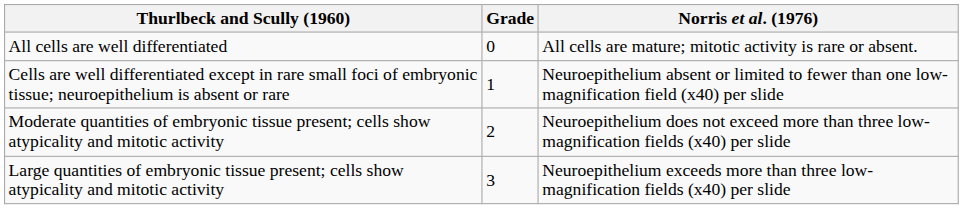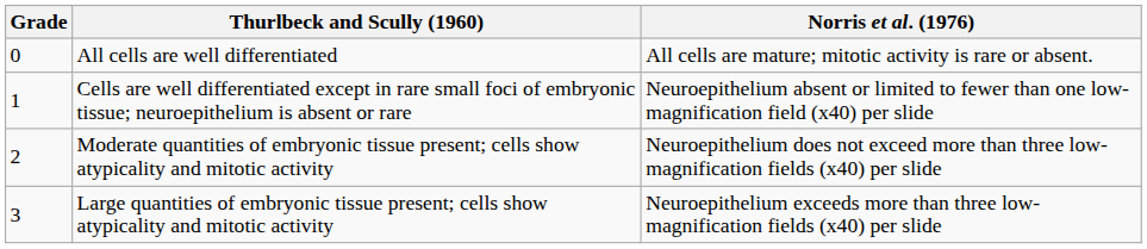 <table class="wikitable">
 <tr>
+<th>Grade</th>
 <th>Thurlbeck and Scully (1960)</th>
-<th>Grade</th>
 <th>Norris <em>et al</em>. (1976)</th>
 </tr>
 <tr>
+<td>0</td>
 <td>All cells are well differentiated</td>
-<td>0</td>
 <td>All cells are mature; mitotic activity is rare or absent.</td>
 </tr>
 <tr>
+<td>1</td>
 <td>Cells are well differentiated except in rare small foci of embryonic tissue; neuroepithelium is absent or rare</td>
-<td>1</td>
 <td>Neuroepithelium absent or limited to fewer than one low-magnification field (x40) per slide</td>
 </tr>
 <tr>
+<td>2</td>
 <td>Moderate quantities of embryonic tissue present; cells show atypicality and mitotic activity</td>
-<td>2</td>
 <td>Neuroepithelium does not exceed more than three low-magnification fields (x40) per slide</td>
 </tr>
 <tr>
+<td>3</td>
 <td>Large quantities of embryonic tissue present; cells show atypicality and mitotic activity</td>
-<td>3</td>
 <td>Neuroepithelium exceeds more than three low-magnification fields (x40) per slide</td>
 </tr>
 </table>
